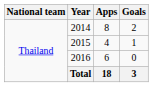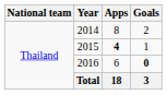 <table class="wikitable" style="text-align:center">
 <tr>
 <th>National team</th>
 <th>Year</th>
 <th>Apps</th>
 <th>Goals</th>
 </tr>
 <tr>
 <td rowspan="4" valign="center"><a href='#'>Thailand</a></td>
 <td>2014</td>
 <td>8</td>
 <td>2</td>
 </tr>
 <tr>
 <td>2015</td>
-<td>4</td>
+<td><strong>4</strong></td>
 <td>1</td>
 </tr>
 <tr>
 <td>2016</td>
 <td>6</td>
-<td>0</td>
+<td><strong>0</strong></td>
 </tr>
 <tr>
 <th>Total</th>
 <th>18</th>
 <th>3</th>
 </tr>
 </table>
